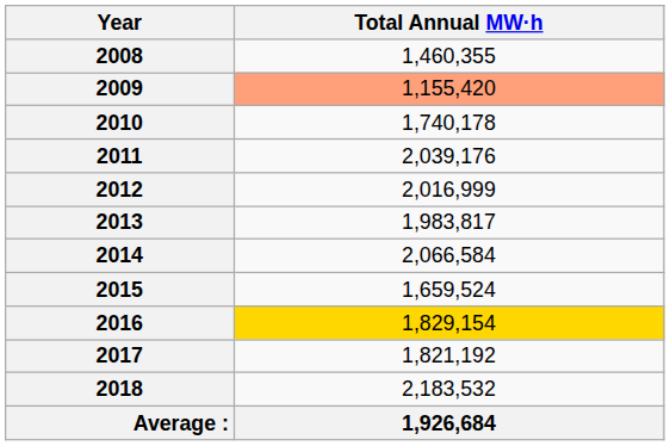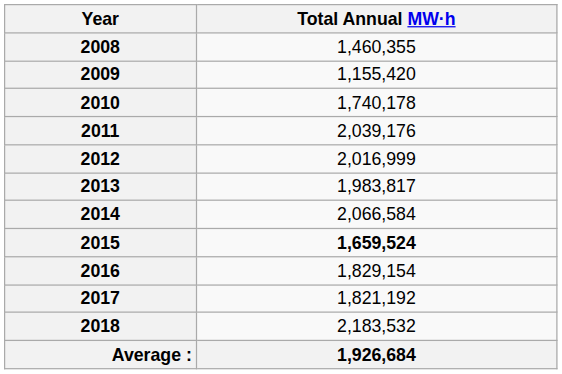 <table class=wikitable style="text-align:center; font-size:0.9em; width:450px;">
 <tr>
 <th>Year</th>
 <th>Total Annual <a href='#'>MW·h</a></th>
 </tr>
 <tr>
 <th>2008</th>
 <td>1,460,355</td>
 </tr>
 <tr>
 <th>2009</th>
-<td style="background: lightsalmon;">1,155,420</td>
+<td>1,155,420</td>
 </tr>
 <tr>
 <th>2010</th>
 <td>1,740,178</td>
 </tr>
 <tr>
 <th>2011</th>
 <td>2,039,176</td>
 </tr>
 <tr>
 <th>2012</th>
 <td>2,016,999</td>
 </tr>
 <tr>
 <th>2013</th>
 <td>1,983,817</td>
 </tr>
 <tr>
 <th>2014</th>
 <td>2,066,584</td>
 </tr>
 <tr>
 <th>2015</th>
-<td>1,659,524</td>
+<td><strong>1,659,524</strong></td>
 </tr>
 <tr>
 <th>2016</th>
-<td style="background: gold;">1,829,154</td>
+<td>1,829,154</td>
 </tr>
 <tr>
 <th>2017</th>
 <td>1,821,192</td>
 </tr>
 <tr>
 <th>2018</th>
 <td>2,183,532</td>
 </tr>
 <tr>
 <th style="text-align:right">Average  :</th>
 <th>1,926,684</th>
 </tr>
 </table>
